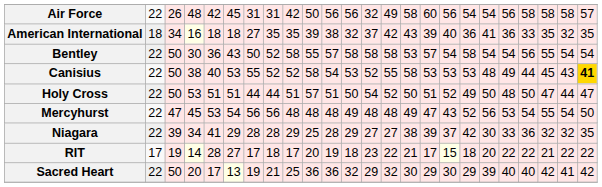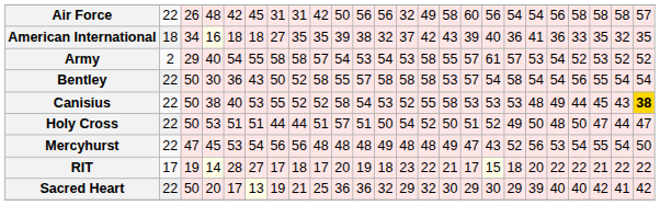 <table class="wikitable sortable" style="text-align: center;">
 <tr>
 </tr>
 <tr>
 <th>Air Force</th>
 <td>22</td>
 <td bgcolor=FFE6E6>26</td>
 <td bgcolor=FFE6E6>48</td>
 <td bgcolor=FFE6E6>42</td>
 <td bgcolor=FFE6E6>45</td>
 <td bgcolor=FFE6E6>31</td>
 <td bgcolor=FFE6E6>31</td>
 <td bgcolor=FFE6E6>42</td>
 <td bgcolor=FFE6E6>50</td>
 <td bgcolor=FFE6E6>56</td>
 <td bgcolor=FFE6E6>56</td>
 <td bgcolor=FFE6E6>32</td>
 <td bgcolor=FFE6E6>49</td>
 <td bgcolor=FFE6E6>58</td>
 <td bgcolor=FFE6E6>60</td>
 <td bgcolor=FFE6E6>56</td>
 <td bgcolor=FFE6E6>54</td>
 <td bgcolor=FFE6E6>54</td>
 <td bgcolor=FFE6E6>56</td>
 <td bgcolor=FFE6E6>58</td>
 <td bgcolor=FFE6E6>58</td>
 <td bgcolor=FFE6E6>58</td>
 <td bgcolor=FFE6E6>57</td>
 </tr>
 <tr bgcolor=f0f0f0>
 <th>American International</th>
 <td>18</td>
 <td bgcolor=FFE6E6>34</td>
 <td bgcolor=FFFFE6>16</td>
 <td bgcolor=FFE6E6>18</td>
 <td bgcolor=FFE6E6>18</td>
 <td bgcolor=FFE6E6>27</td>
 <td bgcolor=FFE6E6>35</td>
 <td bgcolor=FFE6E6>35</td>
 <td bgcolor=FFE6E6>39</td>
 <td bgcolor=FFE6E6>38</td>
 <td bgcolor=FFE6E6>32</td>
 <td bgcolor=FFE6E6>37</td>
 <td bgcolor=FFE6E6>42</td>
 <td bgcolor=FFE6E6>43</td>
 <td bgcolor=FFE6E6>39</td>
 <td bgcolor=FFE6E6>40</td>
 <td bgcolor=FFE6E6>36</td>
 <td bgcolor=FFE6E6>41</td>
 <td bgcolor=FFE6E6>36</td>
 <td bgcolor=FFE6E6>33</td>
 <td bgcolor=FFE6E6>35</td>
 <td bgcolor=FFE6E6>32</td>
 <td bgcolor=FFE6E6>35</td>
 </tr>
+<tr>
+<th>Army</th>
+<td>2</td>
+<td bgcolor=FFE6E6>29</td>
+<td bgcolor=FFE6E6>40</td>
+<td bgcolor=FFE6E6>54</td>
+<td bgcolor=FFE6E6>55</td>
+<td bgcolor=FFE6E6>58</td>
+<td bgcolor=FFE6E6>58</td>
+<td bgcolor=FFE6E6>57</td>
+<td bgcolor=FFE6E6>54</td>
+<td bgcolor=FFE6E6>53</td>
+<td bgcolor=FFE6E6>54</td>
+<td bgcolor=FFE6E6>53</td>
+<td bgcolor=FFE6E6>58</td>
+<td bgcolor=FFE6E6>55</td>
+<td bgcolor=FFE6E6>57</td>
+<td bgcolor=FFE6E6>61</td>
+<td bgcolor=FFE6E6>57</td>
+<td bgcolor=FFE6E6>53</td>
+<td bgcolor=FFE6E6>54</td>
+<td bgcolor=FFE6E6>52</td>
+<td bgcolor=FFE6E6>53</td>
+<td bgcolor=FFE6E6>52</td>
+<td bgcolor=FFE6E6>52</td>
+</tr>
 <tr bgcolor=f0f0f0>
 <th>Bentley</th>
 <td>22</td>
 <td bgcolor=FFE6E6>50</td>
 <td bgcolor=FFE6E6>30</td>
 <td bgcolor=FFE6E6>36</td>
 <td bgcolor=FFE6E6>43</td>
 <td bgcolor=FFE6E6>50</td>
 <td bgcolor=FFE6E6>52</td>
 <td bgcolor=FFE6E6>58</td>
 <td bgcolor=FFE6E6>55</td>
 <td bgcolor=FFE6E6>57</td>
 <td bgcolor=FFE6E6>58</td>
 <td bgcolor=FFE6E6>58</td>
 <td bgcolor=FFE6E6>58</td>
 <td bgcolor=FFE6E6>53</td>
 <td bgcolor=FFE6E6>57</td>
 <td bgcolor=FFE6E6>54</td>
 <td bgcolor=FFE6E6>58</td>
 <td bgcolor=FFE6E6>54</td>
 <td bgcolor=FFE6E6>54</td>
 <td bgcolor=FFE6E6>56</td>
 <td bgcolor=FFE6E6>55</td>
 <td bgcolor=FFE6E6>54</td>
 <td bgcolor=FFE6E6>54</td>
 </tr>
 <tr>
 <th>Canisius</th>
 <td>22</td>
 <td bgcolor=FFE6E6>50</td>
 <td bgcolor=FFE6E6>38</td>
 <td bgcolor=FFE6E6>40</td>
 <td bgcolor=FFE6E6>53</td>
 <td bgcolor=FFE6E6>55</td>
 <td bgcolor=FFE6E6>52</td>
 <td bgcolor=FFE6E6>52</td>
 <td bgcolor=FFE6E6>58</td>
 <td bgcolor=FFE6E6>54</td>
 <td bgcolor=FFE6E6>53</td>
 <td bgcolor=FFE6E6>52</td>
 <td bgcolor=FFE6E6>55</td>
 <td bgcolor=FFE6E6>58</td>
 <td bgcolor=FFE6E6>53</td>
 <td bgcolor=FFE6E6>53</td>
 <td bgcolor=FFE6E6>53</td>
 <td bgcolor=FFE6E6>48</td>
 <td bgcolor=FFE6E6>49</td>
 <td bgcolor=FFE6E6>44</td>
 <td bgcolor=FFE6E6>45</td>
 <td bgcolor=FFE6E6>43</td>
-<td bgcolor=gold><strong>41</strong></td>
+<td bgcolor=gold><strong>38</strong></td>
 </tr>
 <tr bgcolor=f0f0f0>
 <th>Holy Cross</th>
 <td>22</td>
 <td bgcolor=FFE6E6>50</td>
 <td bgcolor=FFE6E6>53</td>
 <td bgcolor=FFE6E6>51</td>
 <td bgcolor=FFE6E6>51</td>
 <td bgcolor=FFE6E6>44</td>
 <td bgcolor=FFE6E6>44</td>
 <td bgcolor=FFE6E6>51</td>
 <td bgcolor=FFE6E6>57</td>
 <td bgcolor=FFE6E6>51</td>
 <td bgcolor=FFE6E6>50</td>
 <td bgcolor=FFE6E6>54</td>
 <td bgcolor=FFE6E6>52</td>
 <td bgcolor=FFE6E6>50</td>
 <td bgcolor=FFE6E6>51</td>
 <td bgcolor=FFE6E6>52</td>
 <td bgcolor=FFE6E6>49</td>
 <td bgcolor=FFE6E6>50</td>
 <td bgcolor=FFE6E6>48</td>
 <td bgcolor=FFE6E6>50</td>
 <td bgcolor=FFE6E6>47</td>
 <td bgcolor=FFE6E6>44</td>
 <td bgcolor=FFE6E6>47</td>
 </tr>
 <tr>
 <th>Mercyhurst</th>
 <td>22</td>
 <td bgcolor=FFE6E6>47</td>
 <td bgcolor=FFE6E6>45</td>
 <td bgcolor=FFE6E6>53</td>
 <td bgcolor=FFE6E6>54</td>
 <td bgcolor=FFE6E6>56</td>
 <td bgcolor=FFE6E6>56</td>
 <td bgcolor=FFE6E6>48</td>
 <td bgcolor=FFE6E6>48</td>
 <td bgcolor=FFE6E6>48</td>
 <td bgcolor=FFE6E6>49</td>
 <td bgcolor=FFE6E6>48</td>
 <td bgcolor=FFE6E6>48</td>
 <td bgcolor=FFE6E6>49</td>
 <td bgcolor=FFE6E6>47</td>
 <td bgcolor=FFE6E6>43</td>
 <td bgcolor=FFE6E6>52</td>
 <td bgcolor=FFE6E6>56</td>
 <td bgcolor=FFE6E6>53</td>
 <td bgcolor=FFE6E6>54</td>
 <td bgcolor=FFE6E6>55</td>
 <td bgcolor=FFE6E6>54</td>
 <td bgcolor=FFE6E6>50</td>
-</tr>
-<tr bgcolor=f0f0f0>
-<th>Niagara</th>
-<td>22</td>
-<td bgcolor=FFE6E6>39</td>
-<td bgcolor=FFE6E6>34</td>
-<td bgcolor=FFE6E6>41</td>
-<td bgcolor=FFE6E6>29</td>
-<td bgcolor=FFE6E6>28</td>
-<td bgcolor=FFE6E6>28</td>
-<td bgcolor=FFE6E6>29</td>
-<td bgcolor=FFE6E6>25</td>
-<td bgcolor=FFE6E6>28</td>
-<td bgcolor=FFE6E6>29</td>
-<td bgcolor=FFE6E6>27</td>
-<td bgcolor=FFE6E6>27</td>
-<td bgcolor=FFE6E6>38</td>
-<td bgcolor=FFE6E6>39</td>
-<td bgcolor=FFE6E6>37</td>
-<td bgcolor=FFE6E6>42</td>
-<td bgcolor=FFE6E6>30</td>
-<td bgcolor=FFE6E6>33</td>
-<td bgcolor=FFE6E6>36</td>
-<td bgcolor=FFE6E6>32</td>
-<td bgcolor=FFE6E6>32</td>
-<td bgcolor=FFE6E6>35</td>
 </tr>
 <tr>
 <th>RIT</th>
 <td>17</td>
 <td bgcolor=FFE6E6>19</td>
 <td bgcolor=FFFFE6>14</td>
 <td bgcolor=FFE6E6>28</td>
 <td bgcolor=FFE6E6>27</td>
 <td bgcolor=FFE6E6>17</td>
 <td bgcolor=FFE6E6>18</td>
 <td bgcolor=FFE6E6>17</td>
 <td bgcolor=FFE6E6>20</td>
 <td bgcolor=FFE6E6>19</td>
 <td bgcolor=FFE6E6>18</td>
 <td bgcolor=FFE6E6>23</td>
 <td bgcolor=FFE6E6>22</td>
 <td bgcolor=FFE6E6>21</td>
 <td bgcolor=FFE6E6>17</td>
 <td bgcolor=FFFFE6>15</td>
 <td bgcolor=FFE6E6>18</td>
 <td bgcolor=FFE6E6>20</td>
 <td bgcolor=FFE6E6>22</td>
 <td bgcolor=FFE6E6>22</td>
 <td bgcolor=FFE6E6>21</td>
 <td bgcolor=FFE6E6>22</td>
 <td bgcolor=FFE6E6>22</td>
 </tr>
 <tr bgcolor=f0f0f0>
 <th>Sacred Heart</th>
 <td>22</td>
 <td bgcolor=FFE6E6>50</td>
 <td bgcolor=FFE6E6>20</td>
 <td bgcolor=FFE6E6>17</td>
 <td bgcolor=FFFFE6>13</td>
 <td bgcolor=FFE6E6>19</td>
 <td bgcolor=FFE6E6>21</td>
 <td bgcolor=FFE6E6>25</td>
 <td bgcolor=FFE6E6>36</td>
 <td bgcolor=FFE6E6>36</td>
 <td bgcolor=FFE6E6>32</td>
 <td bgcolor=FFE6E6>29</td>
 <td bgcolor=FFE6E6>32</td>
 <td bgcolor=FFE6E6>30</td>
 <td bgcolor=FFE6E6>29</td>
 <td bgcolor=FFE6E6>30</td>
 <td bgcolor=FFE6E6>29</td>
 <td bgcolor=FFE6E6>39</td>
 <td bgcolor=FFE6E6>40</td>
 <td bgcolor=FFE6E6>40</td>
 <td bgcolor=FFE6E6>42</td>
 <td bgcolor=FFE6E6>41</td>
 <td bgcolor=FFE6E6>42</td>
 </tr>
 <tr>
 </tr>
 </table>
